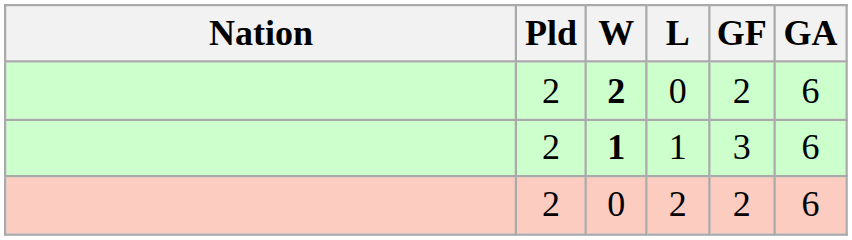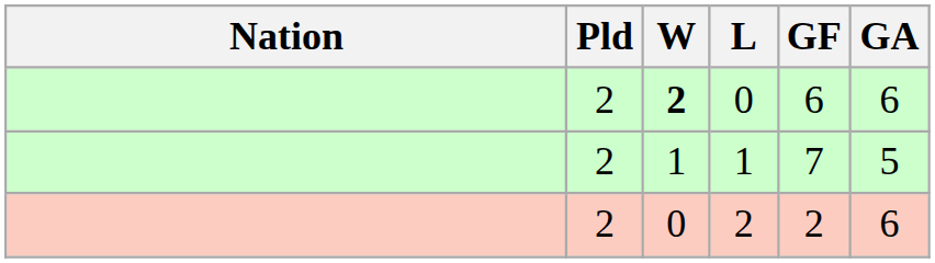 <table class=wikitable style="text-align:center">
 <tr>
 <th width=220>Nation</th>
 <th width=20>Pld</th>
 <th width=20>W</th>
 <th width=20>L</th>
 <th width=20>GF</th>
 <th width=20>GA</th>
 </tr>
 <tr bgcolor="#ccffcc">
 <td align=left></td>
 <td>2</td>
 <td><strong>2</strong></td>
 <td>0</td>
-<td>2</td>
+<td>6</td>
 <td>6</td>
 </tr>
 <tr bgcolor="#ccffcc">
 <td align=left></td>
 <td>2</td>
-<td><strong>1</strong></td>
 <td>1</td>
-<td>3</td>
-<td>6</td>
+<td>1</td>
+<td>7</td>
+<td>5</td>
 </tr>
 <tr bgcolor="#fcccc">
 <td align=left></td>
 <td>2</td>
 <td>0</td>
 <td>2</td>
 <td>2</td>
 <td>6</td>
 </tr>
 </table>
